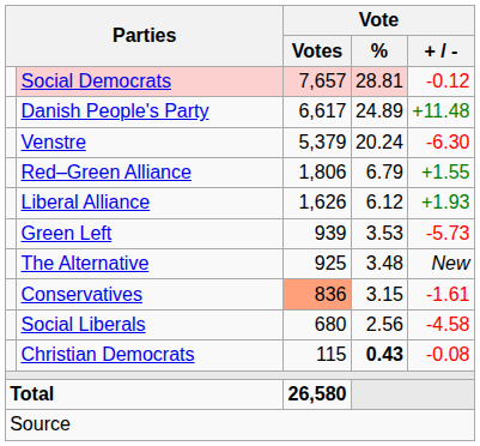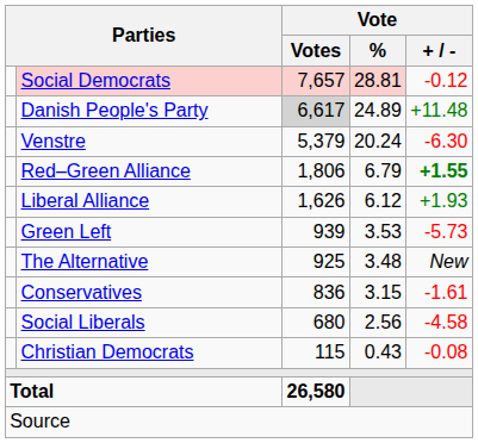 <table class="wikitable" style="text-align:right;">
 <tr>
 <th style="text-align:centre;" rowspan="2" colspan="2" width="225">Parties</th>
 <th colspan="3">Vote</th>
 </tr>
 <tr>
 <th width="15">Votes</th>
 <th width="15">%</th>
 <th width="15">+ / -</th>
 </tr>
 <tr>
 <td width="2" style="color:inherit;background:"></td>
 <td bgcolor=#fbd0ce  align="left"><a href='#'>Social Democrats</a></td>
 <td bgcolor=#fbd0ce>7,657</td>
 <td bgcolor=#fbd0ce>28.81</td>
 <td style=color:red;>-0.12</td>
 </tr>
 <tr>
 <td width="2" style="color:inherit;background:"></td>
 <td align="left"><a href='#'>Danish People's Party</a></td>
-<td>6,617</td>
+<td style="background: lightgrey;">6,617</td>
 <td>24.89</td>
 <td style=color:green;>+11.48</td>
 </tr>
 <tr>
 <td width="2" style="color:inherit;background:"></td>
 <td align="left"><a href='#'>Venstre</a></td>
 <td>5,379</td>
 <td>20.24</td>
 <td style=color:red;>-6.30</td>
 </tr>
 <tr>
 <td width="2" style="color:inherit;background:"></td>
 <td align="left"><a href='#'>Red–Green Alliance</a></td>
 <td>1,806</td>
 <td>6.79</td>
-<td style=color:green;>+1.55</td>
+<td style=color:green;><strong>+1.55</strong></td>
 </tr>
 <tr>
 <td width="2" style="color:inherit;background:"></td>
 <td align="left"><a href='#'>Liberal Alliance</a></td>
 <td>1,626</td>
 <td>6.12</td>
 <td style=color:green;>+1.93</td>
 </tr>
 <tr>
 <td width="2" style="color:inherit;background:"></td>
 <td align="left"><a href='#'>Green Left</a></td>
 <td>939</td>
 <td>3.53</td>
 <td style=color:red;>-5.73</td>
 </tr>
 <tr>
 <td width="2" style="color:inherit;background:"></td>
 <td align="left"><a href='#'>The Alternative</a></td>
 <td>925</td>
 <td>3.48</td>
 <td><em>New</em></td>
 </tr>
 <tr>
 <td width="2" style="color:inherit;background:"></td>
 <td align="left"><a href='#'>Conservatives</a></td>
-<td style="background: lightsalmon;">836</td>
+<td>836</td>
 <td>3.15</td>
 <td style=color:red;>-1.61</td>
 </tr>
 <tr>
 <td width="2" style="color:inherit;background:"></td>
 <td align="left"><a href='#'>Social Liberals</a></td>
 <td>680</td>
 <td>2.56</td>
 <td style=color:red;>-4.58</td>
 </tr>
 <tr>
 <td width="2" style="color:inherit;background:"></td>
 <td align="left"><a href='#'>Christian Democrats</a></td>
 <td>115</td>
-<td><strong>0.43</strong></td>
+<td>0.43</td>
 <td style=color:red;>-0.08</td>
 </tr>
 <tr>
 <td colspan="7" bgcolor="#E9E9E9"></td>
 </tr>
 <tr>
 <td align="left" colspan="2"><strong>Total</strong></td>
 <td><strong>26,580</strong></td>
 <td bgcolor="#E9E9E9" colspan="2"></td>
 </tr>
 <tr>
 <td align="left" colspan="6">Source</td>
 </tr>
 </table>
